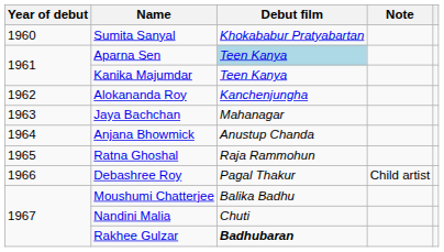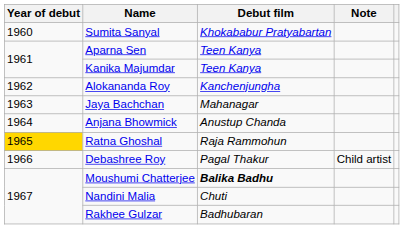 <table class="wikitable">
 <tr>
 <th>Year of debut</th>
 <th>Name</th>
 <th>Debut film</th>
 <th>Note</th>
 <th></th>
 </tr>
 <tr>
 <td>1960</td>
 <td><a href='#'>Sumita Sanyal</a></td>
 <td><em><a href='#'>Khokababur Pratyabartan</a></em></td>
 <td></td>
 <td></td>
 </tr>
 <tr>
 <td rowspan="2">1961</td>
 <td><a href='#'>Aparna Sen</a></td>
-<td style="background: lightblue;"><em><a href='#'>Teen Kanya</a></em></td>
+<td><em><a href='#'>Teen Kanya</a></em></td>
 <td></td>
 <td></td>
 </tr>
 <tr>
 <td><a href='#'>Kanika Majumdar</a></td>
 <td><em><a href='#'>Teen Kanya</a></em></td>
 <td></td>
 <td></td>
 </tr>
 <tr>
 <td>1962</td>
 <td><a href='#'>Alokananda Roy</a></td>
 <td><em><a href='#'>Kanchenjungha</a></em></td>
 <td></td>
 <td></td>
 </tr>
 <tr>
 <td>1963</td>
 <td><a href='#'>Jaya Bachchan</a></td>
 <td><em>Mahanagar</em></td>
 <td></td>
 <td></td>
 </tr>
 <tr>
 <td>1964</td>
 <td><a href='#'>Anjana Bhowmick</a></td>
 <td><em>Anustup Chanda</em></td>
 <td></td>
 <td></td>
 </tr>
 <tr>
-<td>1965</td>
+<td style="background: gold;">1965</td>
 <td><a href='#'>Ratna Ghoshal</a></td>
 <td><em>Raja Rammohun</em></td>
 <td></td>
 <td></td>
 </tr>
 <tr>
 <td>1966</td>
 <td><a href='#'>Debashree Roy</a></td>
 <td><em>Pagal Thakur</em></td>
 <td>Child artist</td>
 <td></td>
 </tr>
 <tr>
 <td rowspan="3">1967</td>
 <td><a href='#'>Moushumi Chatterjee</a></td>
-<td><em>Balika Badhu</em></td>
+<td><strong><em>Balika Badhu</em></strong></td>
 <td></td>
 <td></td>
 </tr>
 <tr>
 <td><a href='#'>Nandini Malia</a></td>
 <td><em>Chuti</em></td>
 <td></td>
 <td></td>
 </tr>
 <tr>
 <td><a href='#'>Rakhee Gulzar</a></td>
-<td><strong><em>Badhubaran</em></strong></td>
+<td><em>Badhubaran</em></td>
 <td></td>
 <td></td>
 </tr>
 </table>
